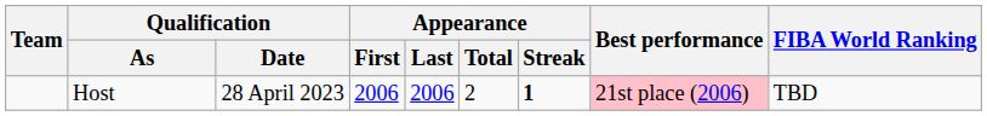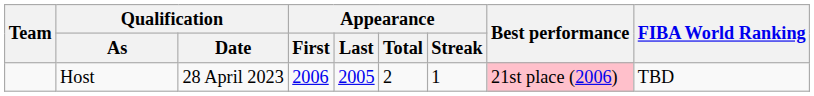 <table class="wikitable">
 <tr>
 <th rowspan=2>Team</th>
 <th colspan=2>Qualification</th>
 <th colspan=4>Appearance</th>
 <th rowspan=2>Best performance</th>
 <th rowspan=2><a href='#'>FIBA World Ranking</a></th>
 </tr>
 <tr>
 <th width=100px>As</th>
 <th>Date</th>
 <th>First</th>
 <th>Last</th>
 <th>Total</th>
 <th>Streak</th>
 </tr>
 <tr>
 <td></td>
 <td>Host</td>
 <td>28 April 2023</td>
 <td><a href='#'>2006</a></td>
-<td><a href='#'>2006</a></td>
+<td><a href='#'>2005</a></td>
 <td>2</td>
-<td><strong>1</strong></td>
+<td>1</td>
 <td style="background: pink;">21st place (<a href='#'>2006</a>)</td>
 <td>TBD</td>
 </tr>
 </table>
